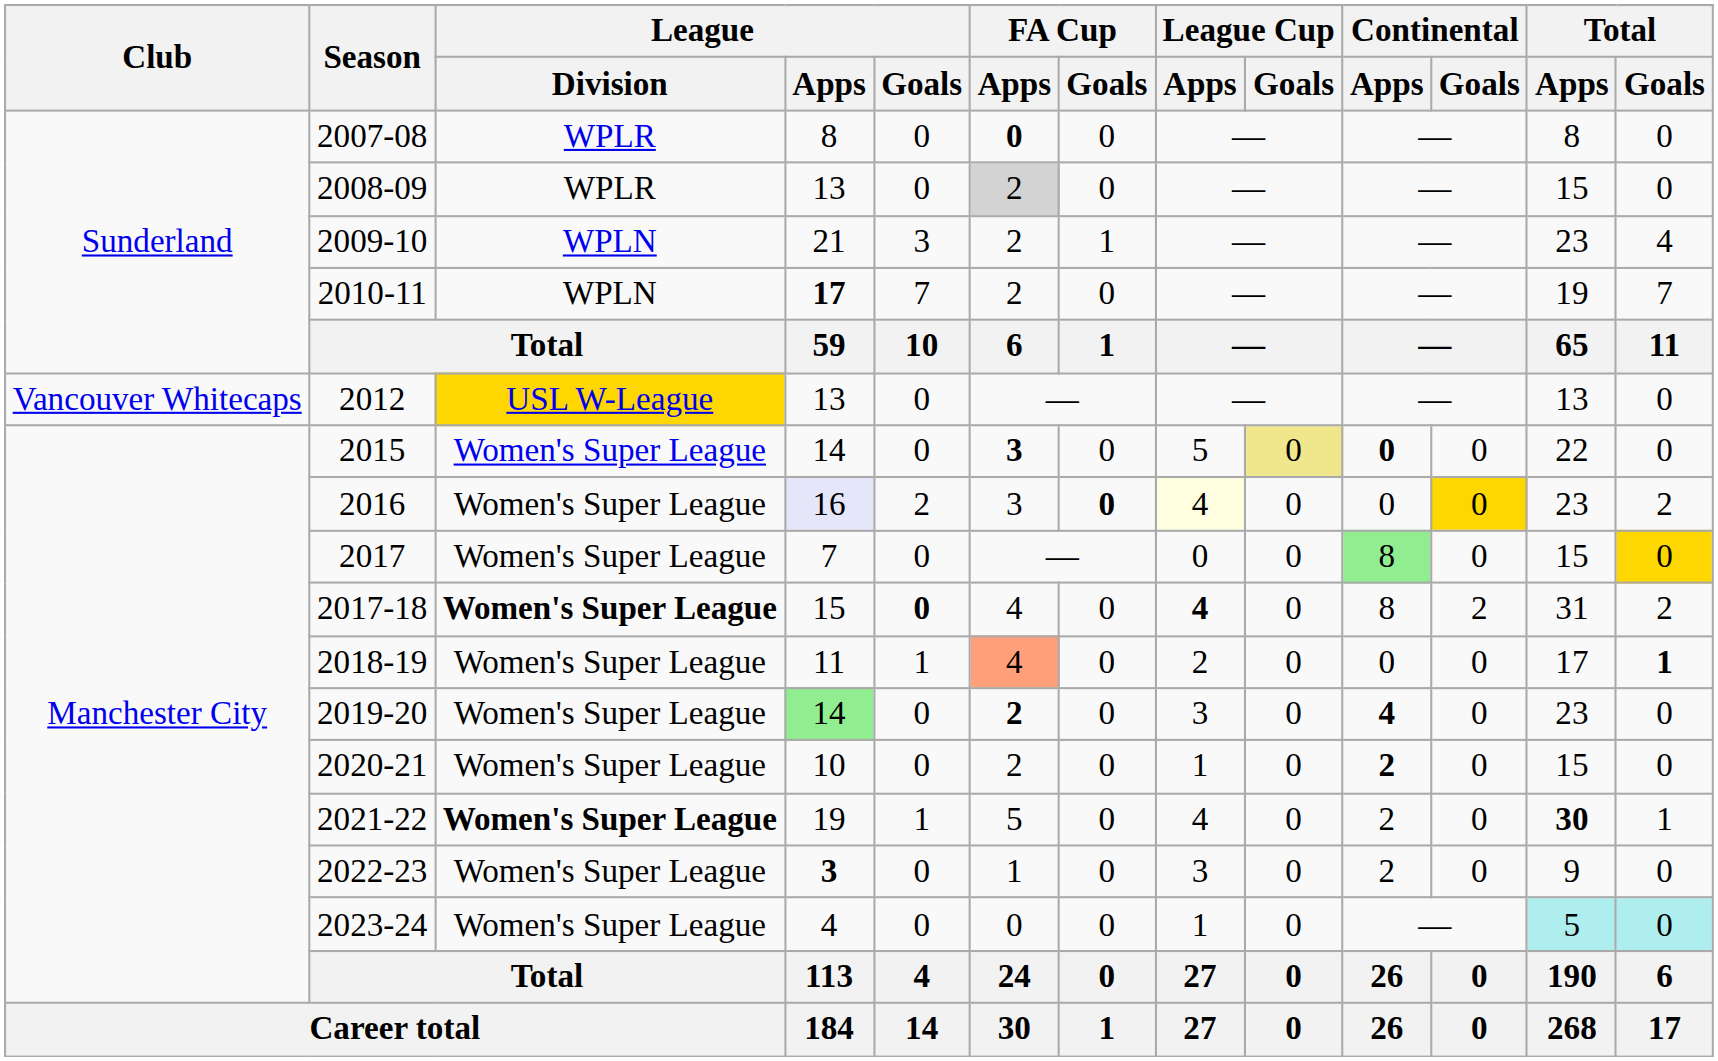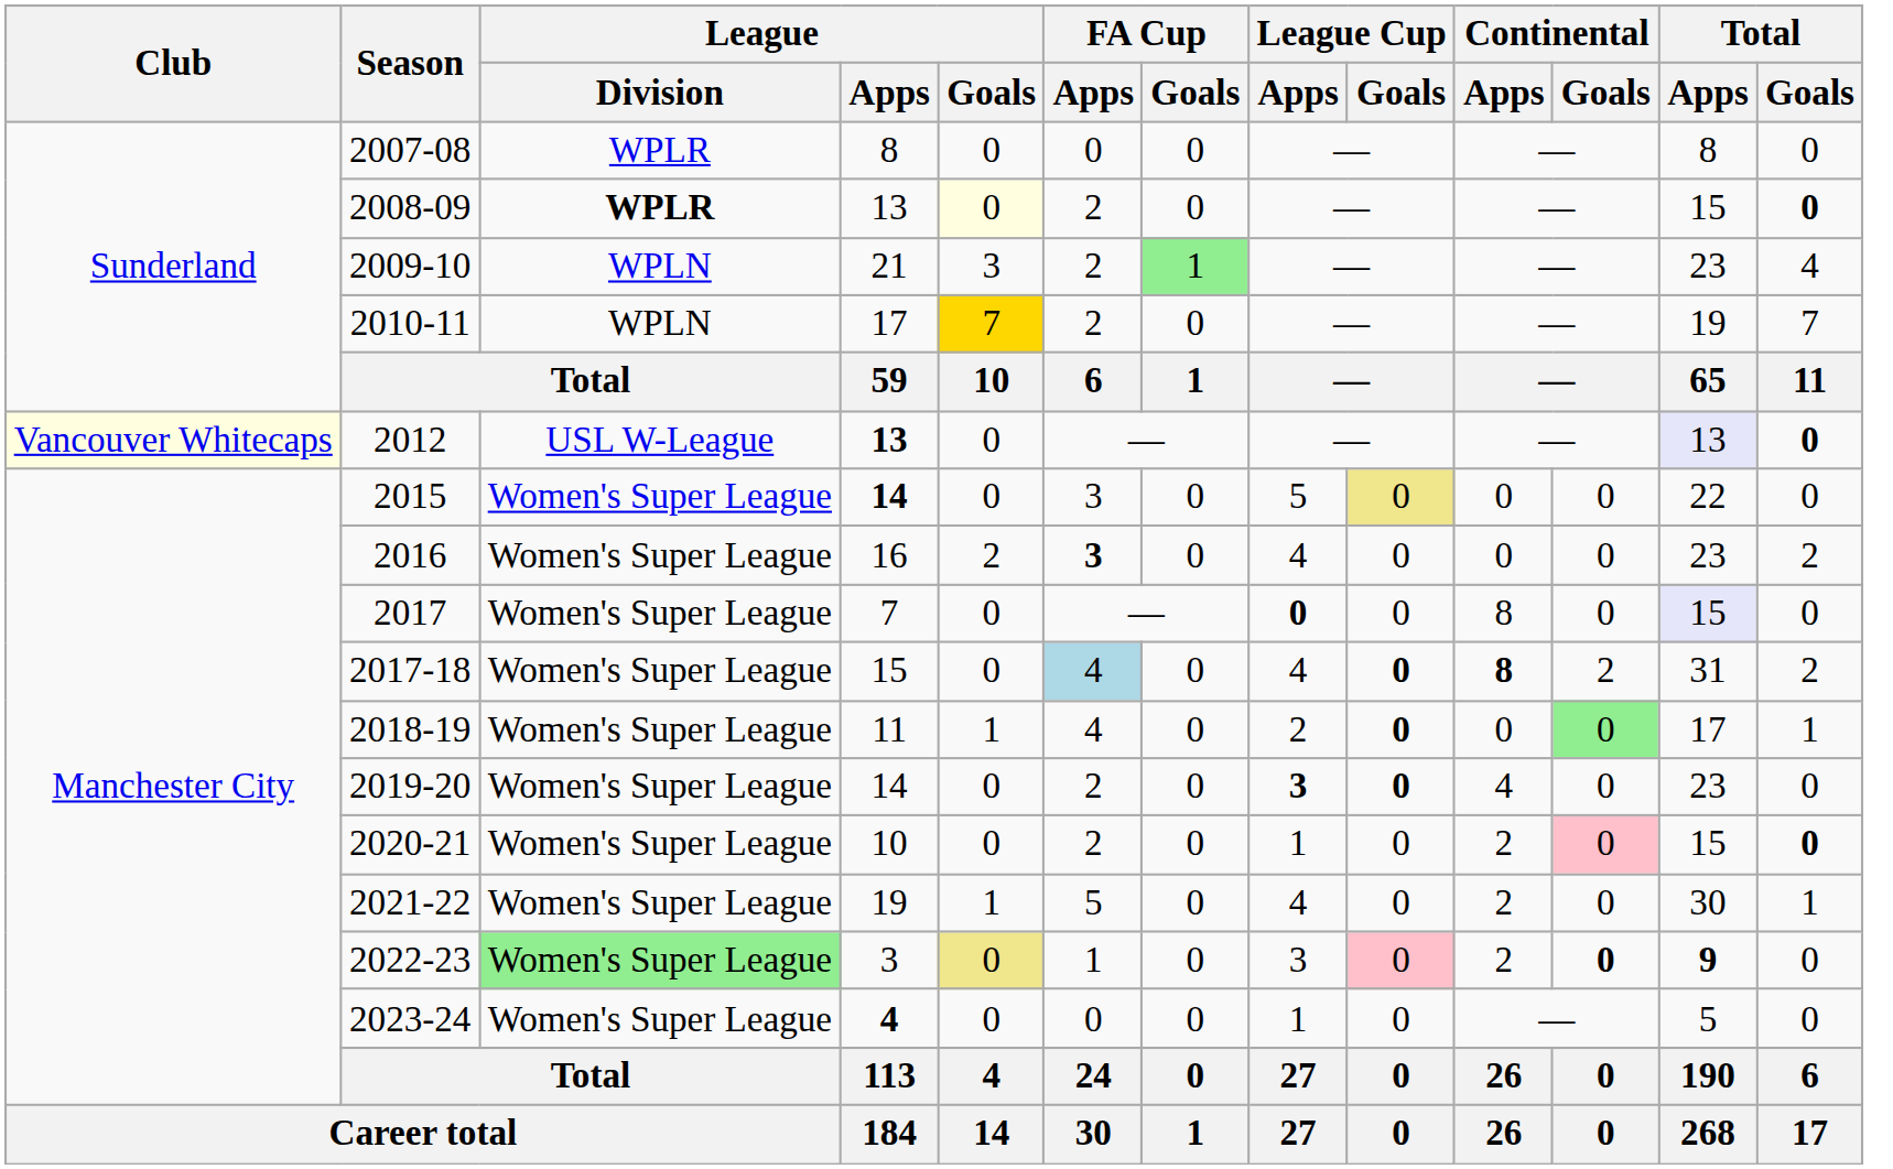 <table class="wikitable" style="text-align:center">
 <tr>
 <th rowspan="2">Club</th>
 <th rowspan="2">Season</th>
 <th colspan="3">League</th>
 <th colspan="2">FA Cup</th>
 <th colspan="2">League Cup</th>
 <th colspan="2">Continental</th>
 <th colspan="2">Total</th>
 </tr>
 <tr>
 <th>Division</th>
 <th>Apps</th>
 <th>Goals</th>
 <th>Apps</th>
 <th>Goals</th>
 <th>Apps</th>
 <th>Goals</th>
 <th>Apps</th>
 <th>Goals</th>
 <th>Apps</th>
 <th>Goals</th>
 </tr>
 <tr>
 <td rowspan="5"><a href='#'>Sunderland</a></td>
 <td>2007-08</td>
 <td><a href='#'>WPLR</a></td>
 <td>8</td>
 <td>0</td>
-<td><strong>0</strong></td>
+<td>0</td>
 <td>0</td>
 <td colspan="2">—</td>
 <td colspan="2">—</td>
 <td>8</td>
 <td>0</td>
 </tr>
 <tr>
 <td>2008-09</td>
-<td>WPLR</td>
+<td><strong>WPLR</strong></td>
 <td>13</td>
-<td>0</td>
-<td style="background: lightgrey;">2</td>
+<td style="background: lightyellow;">0</td>
+<td>2</td>
 <td>0</td>
 <td colspan="2">—</td>
 <td colspan="2">—</td>
 <td>15</td>
-<td>0</td>
+<td><strong>0</strong></td>
 </tr>
 <tr>
 <td>2009-10</td>
 <td><a href='#'>WPLN</a></td>
 <td>21</td>
 <td>3</td>
 <td>2</td>
-<td>1</td>
+<td style="background: lightgreen;">1</td>
 <td colspan="2">—</td>
 <td colspan="2">—</td>
 <td>23</td>
 <td>4</td>
 </tr>
 <tr>
 <td>2010-11</td>
 <td>WPLN</td>
-<td><strong>17</strong></td>
-<td>7</td>
+<td>17</td>
+<td style="background: gold;">7</td>
 <td>2</td>
 <td>0</td>
 <td colspan="2">—</td>
 <td colspan="2">—</td>
 <td>19</td>
 <td>7</td>
 </tr>
 <tr>
 <th colspan="2">Total</th>
 <th>59</th>
 <th>10</th>
 <th>6</th>
 <th>1</th>
 <th colspan="2">—</th>
 <th colspan="2">—</th>
 <th>65</th>
 <th>11</th>
 </tr>
 <tr>
-<td><a href='#'>Vancouver Whitecaps</a></td>
+<td style="background: lightyellow;"><a href='#'>Vancouver Whitecaps</a></td>
 <td>2012</td>
-<td style="background: gold;"><a href='#'>USL W-League</a></td>
-<td>13</td>
+<td><a href='#'>USL W-League</a></td>
+<td><strong>13</strong></td>
 <td>0</td>
 <td colspan="2">—</td>
 <td colspan="2">—</td>
 <td colspan="2">—</td>
-<td>13</td>
-<td>0</td>
+<td style="background: lavender;">13</td>
+<td><strong>0</strong></td>
 </tr>
 <tr>
 <td rowspan="11"><a href='#'>Manchester City</a></td>
 <td>2015</td>
 <td><a href='#'>Women's Super League</a></td>
-<td>14</td>
+<td><strong>14</strong></td>
 <td>0</td>
-<td><strong>3</strong></td>
+<td>3</td>
 <td>0</td>
 <td>5</td>
 <td style="background: khaki;">0</td>
-<td><strong>0</strong></td>
+<td>0</td>
 <td>0</td>
 <td>22</td>
 <td>0</td>
 </tr>
 <tr>
 <td>2016</td>
 <td>Women's Super League</td>
-<td style="background: lavender;">16</td>
+<td>16</td>
 <td>2</td>
-<td>3</td>
-<td><strong>0</strong></td>
-<td style="background: lightyellow;">4</td>
+<td><strong>3</strong></td>
+<td>0</td>
+<td>4</td>
 <td>0</td>
 <td>0</td>
-<td style="background: gold;">0</td>
+<td>0</td>
 <td>23</td>
 <td>2</td>
 </tr>
 <tr>
 <td>2017</td>
 <td>Women's Super League</td>
 <td>7</td>
 <td>0</td>
 <td colspan="2">—</td>
+<td><strong>0</strong></td>
 <td>0</td>
+<td>8</td>
 <td>0</td>
-<td style="background: lightgreen;">8</td>
+<td style="background: lavender;">15</td>
 <td>0</td>
-<td>15</td>
-<td style="background: gold;">0</td>
 </tr>
 <tr>
 <td>2017-18</td>
-<td><strong>Women's Super League</strong></td>
+<td>Women's Super League</td>
 <td>15</td>
+<td>0</td>
+<td style="background: lightblue;">4</td>
+<td>0</td>
+<td>4</td>
 <td><strong>0</strong></td>
-<td>4</td>
-<td>0</td>
-<td><strong>4</strong></td>
-<td>0</td>
-<td>8</td>
+<td><strong>8</strong></td>
 <td>2</td>
 <td>31</td>
 <td>2</td>
 </tr>
 <tr>
 <td>2018-19</td>
 <td>Women's Super League</td>
 <td>11</td>
 <td>1</td>
-<td style="background: lightsalmon;">4</td>
+<td>4</td>
 <td>0</td>
 <td>2</td>
+<td><strong>0</strong></td>
 <td>0</td>
-<td>0</td>
-<td>0</td>
+<td style="background: lightgreen;">0</td>
 <td>17</td>
-<td><strong>1</strong></td>
+<td>1</td>
 </tr>
 <tr>
 <td>2019-20</td>
 <td>Women's Super League</td>
-<td style="background: lightgreen;">14</td>
+<td>14</td>
 <td>0</td>
-<td><strong>2</strong></td>
+<td>2</td>
 <td>0</td>
-<td>3</td>
-<td>0</td>
-<td><strong>4</strong></td>
+<td><strong>3</strong></td>
+<td><strong>0</strong></td>
+<td>4</td>
 <td>0</td>
 <td>23</td>
 <td>0</td>
 </tr>
 <tr>
 <td>2020-21</td>
 <td>Women's Super League</td>
 <td>10</td>
 <td>0</td>
 <td>2</td>
 <td>0</td>
 <td>1</td>
 <td>0</td>
-<td><strong>2</strong></td>
-<td>0</td>
+<td>2</td>
+<td style="background: pink;">0</td>
 <td>15</td>
-<td>0</td>
+<td><strong>0</strong></td>
 </tr>
 <tr>
 <td>2021-22</td>
-<td><strong>Women's Super League</strong></td>
+<td>Women's Super League</td>
 <td>19</td>
 <td>1</td>
 <td>5</td>
 <td>0</td>
 <td>4</td>
 <td>0</td>
 <td>2</td>
 <td>0</td>
-<td><strong>30</strong></td>
+<td>30</td>
 <td>1</td>
 </tr>
 <tr>
 <td>2022-23</td>
-<td>Women's Super League</td>
-<td><strong>3</strong></td>
-<td>0</td>
+<td style="background: lightgreen;">Women's Super League</td>
+<td>3</td>
+<td style="background: khaki;">0</td>
 <td>1</td>
 <td>0</td>
 <td>3</td>
-<td>0</td>
+<td style="background: pink;">0</td>
 <td>2</td>
-<td>0</td>
-<td>9</td>
+<td><strong>0</strong></td>
+<td><strong>9</strong></td>
 <td>0</td>
 </tr>
 <tr>
 <td>2023-24</td>
 <td>Women's Super League</td>
-<td>4</td>
+<td><strong>4</strong></td>
 <td>0</td>
 <td>0</td>
 <td>0</td>
 <td>1</td>
 <td>0</td>
 <td colspan="2">—</td>
-<td style="background: paleturquoise;">5</td>
-<td style="background: paleturquoise;">0</td>
+<td>5</td>
+<td>0</td>
 </tr>
 <tr>
 <th colspan="2">Total</th>
 <th>113</th>
 <th>4</th>
 <th>24</th>
 <th>0</th>
 <th>27</th>
 <th>0</th>
 <th>26</th>
 <th>0</th>
 <th>190</th>
 <th>6</th>
 </tr>
 <tr>
 <th colspan="3">Career total</th>
 <th>184</th>
 <th>14</th>
 <th>30</th>
 <th>1</th>
 <th>27</th>
 <th>0</th>
 <th>26</th>
 <th>0</th>
 <th>268</th>
 <th>17</th>
 </tr>
 </table>
